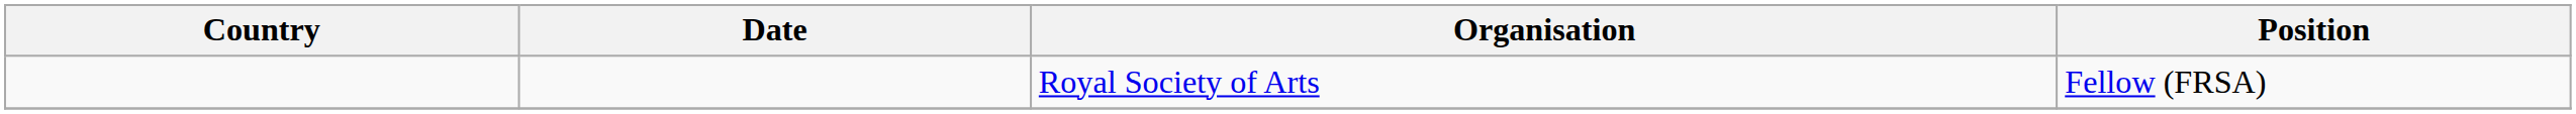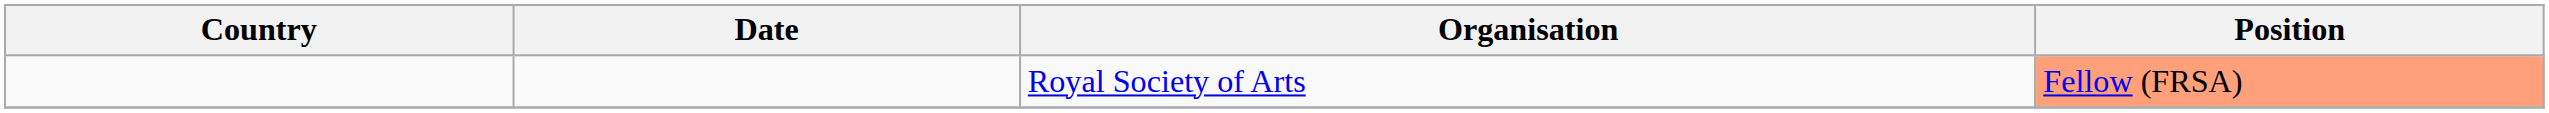 <table class="wikitable" style="width:100%;">
 <tr>
 <th style="width:20%;">Country</th>
 <th style="width:20%;">Date</th>
 <th style="width:40%;">Organisation</th>
 <th style="width:20%;">Position</th>
 </tr>
 <tr>
 <td></td>
 <td></td>
 <td><a href='#'>Royal Society of Arts</a></td>
-<td><a href='#'>Fellow</a> (FRSA)</td>
+<td style="background: lightsalmon;"><a href='#'>Fellow</a> (FRSA)</td>
 </tr>
 <tr>
 </tr>
 </table>
